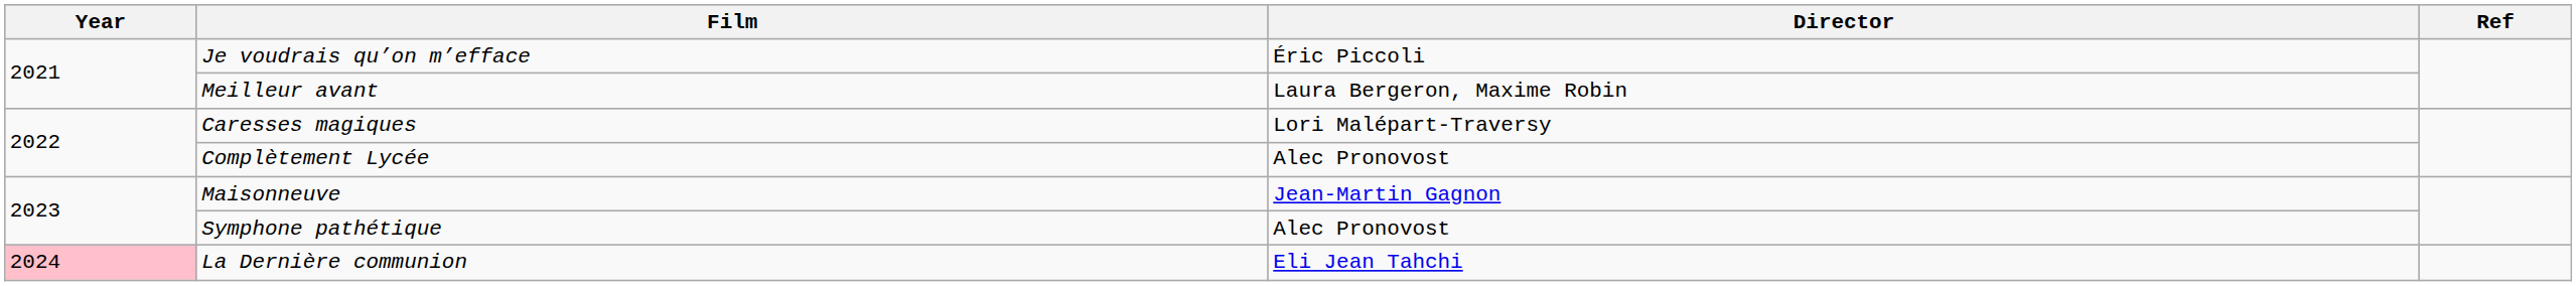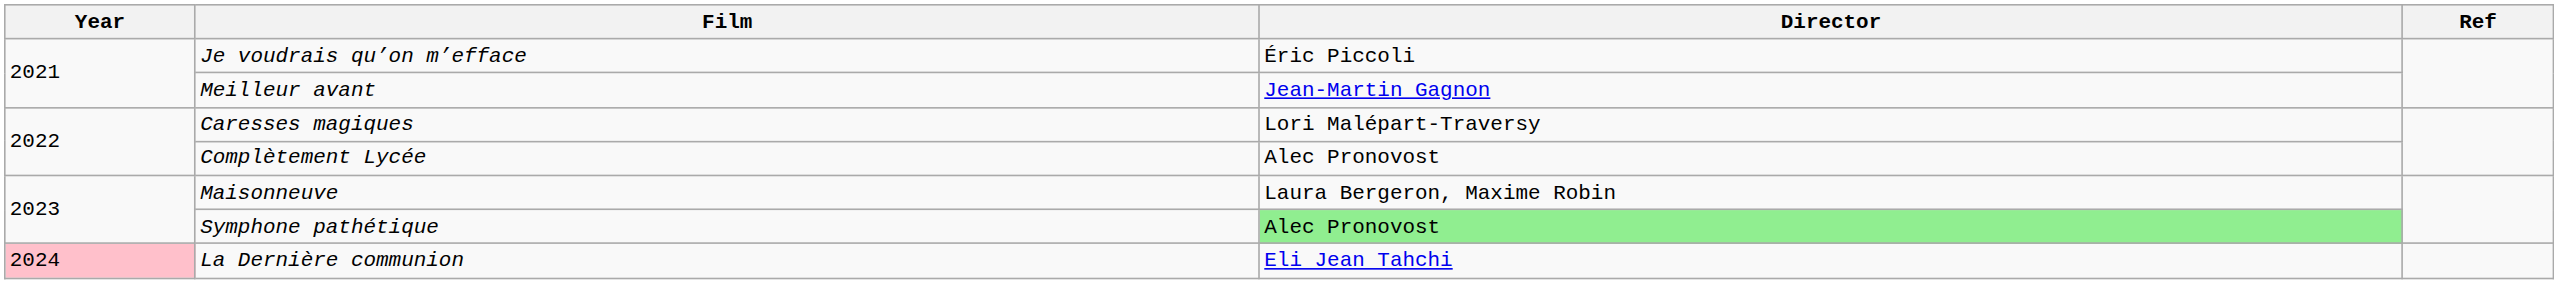 <table class="wikitable sortable"  width=100%>
 <tr>
 <th>Year</th>
 <th>Film</th>
 <th>Director</th>
 <th>Ref</th>
 </tr>
 <tr>
 <td rowspan=2>2021</td>
 <td><em>Je voudrais qu’on m’efface</em></td>
 <td>Éric Piccoli</td>
 <td rowspan=2></td>
 </tr>
 <tr>
 <td><em>Meilleur avant</em></td>
-<td>Laura Bergeron, Maxime Robin</td>
+<td><a href='#'>Jean-Martin Gagnon</a></td>
 </tr>
 <tr>
 <td rowspan=2>2022</td>
 <td><em>Caresses magiques</em></td>
 <td>Lori Malépart-Traversy</td>
 <td rowspan=2></td>
 </tr>
 <tr>
 <td><em>Complètement Lycée</em></td>
 <td>Alec Pronovost</td>
 </tr>
 <tr>
 <td rowspan=2>2023</td>
 <td><em>Maisonneuve</em></td>
-<td><a href='#'>Jean-Martin Gagnon</a></td>
+<td>Laura Bergeron, Maxime Robin</td>
 <td rowspan=2></td>
 </tr>
 <tr>
 <td><em>Symphone pathétique</em></td>
-<td>Alec Pronovost</td>
+<td style="background: lightgreen;">Alec Pronovost</td>
 </tr>
 <tr>
 <td style="background: pink;">2024</td>
 <td><em>La Dernière communion</em></td>
 <td><a href='#'>Eli Jean Tahchi</a></td>
 <td></td>
 </tr>
 </table>
